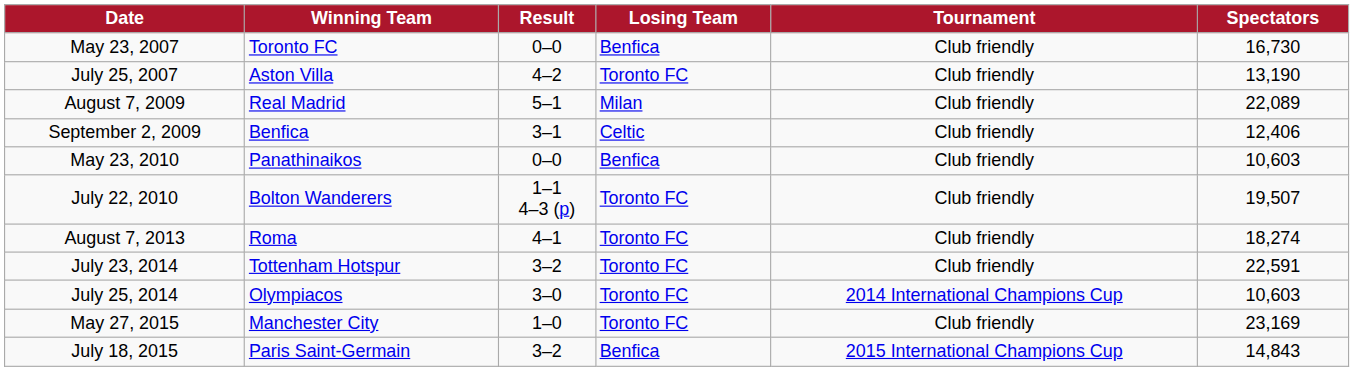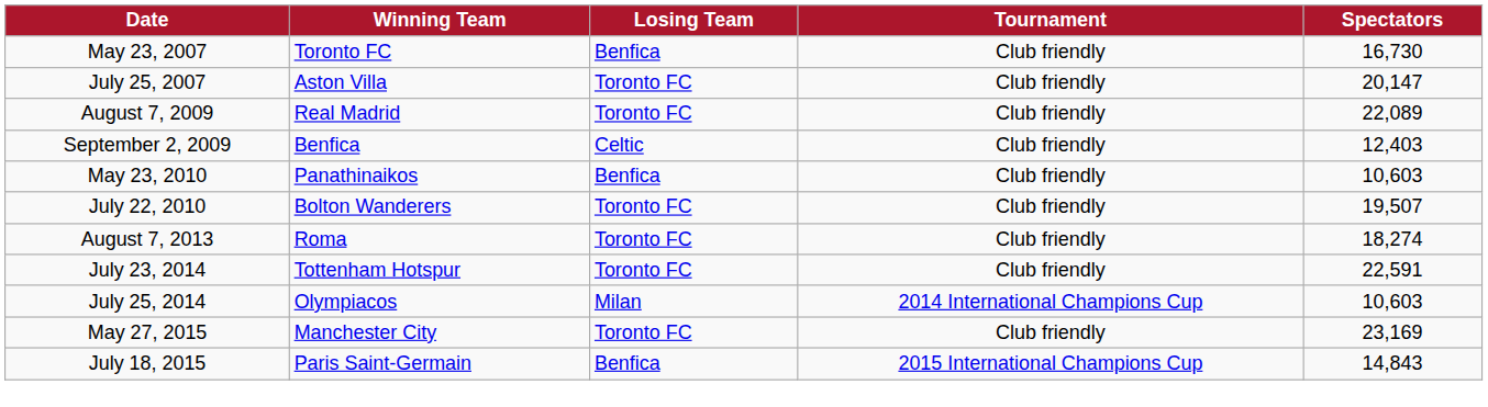 <table class="wikitable" style="text-align:left; width:95%;" style="text-align:center">
 <tr>
 <th style="text-align:center; background:#AC162C; color:#FFFFFF; ">Date</th>
 <th style="text-align:center; background:#AC162C; color:#FFFFFF; ">Winning Team</th>
-<th style="text-align:center; background:#AC162C; color:#FFFFFF; ">Result</th>
 <th style="text-align:center; background:#AC162C; color:#FFFFFF; ">Losing Team</th>
 <th style="text-align:center; background:#AC162C; color:#FFFFFF; ">Tournament</th>
 <th style="text-align:center; background:#AC162C; color:#FFFFFF; ">Spectators</th>
 </tr>
 <tr>
 <td style="text-align:center;">May 23, 2007</td>
 <td> <a href='#'>Toronto FC</a></td>
-<td style="text-align:center;">0–0</td>
 <td> <a href='#'>Benfica</a></td>
 <td style="text-align:center;">Club friendly</td>
 <td style="text-align:center;">16,730</td>
 </tr>
 <tr>
 <td style="text-align:center;">July 25, 2007</td>
 <td> <a href='#'>Aston Villa</a></td>
-<td style="text-align:center;">4–2</td>
 <td> <a href='#'>Toronto FC</a></td>
 <td style="text-align:center;">Club friendly</td>
-<td style="text-align:center;">13,190</td>
+<td style="text-align:center;">20,147</td>
 </tr>
 <tr>
 <td style="text-align:center;">August 7, 2009</td>
 <td> <a href='#'>Real Madrid</a></td>
-<td style="text-align:center;">5–1</td>
-<td> <a href='#'>Milan</a></td>
+<td> <a href='#'>Toronto FC</a></td>
 <td style="text-align:center;">Club friendly</td>
 <td style="text-align:center;">22,089</td>
 </tr>
 <tr>
 <td style="text-align:center;">September 2, 2009</td>
 <td> <a href='#'>Benfica</a></td>
-<td style="text-align:center;">3–1</td>
 <td> <a href='#'>Celtic</a></td>
 <td style="text-align:center;">Club friendly</td>
-<td style="text-align:center;">12,406</td>
+<td style="text-align:center;">12,403</td>
 </tr>
 <tr>
 <td style="text-align:center;">May 23, 2010</td>
 <td> <a href='#'>Panathinaikos</a></td>
-<td style="text-align:center;">0–0</td>
 <td> <a href='#'>Benfica</a></td>
 <td style="text-align:center;">Club friendly</td>
 <td style="text-align:center;">10,603</td>
 </tr>
 <tr>
 <td style="text-align:center;">July 22, 2010</td>
 <td> <a href='#'>Bolton Wanderers</a></td>
-<td style="text-align:center;">1–1 <br>4–3 (<a href='#'>p</a>)</td>
 <td> <a href='#'>Toronto FC</a></td>
 <td style="text-align:center;">Club friendly</td>
 <td style="text-align:center;">19,507</td>
 </tr>
 <tr>
 <td style="text-align:center;">August 7, 2013</td>
 <td> <a href='#'>Roma</a></td>
-<td style="text-align:center;">4–1</td>
 <td> <a href='#'>Toronto FC</a></td>
 <td style="text-align:center;">Club friendly</td>
 <td style="text-align:center;">18,274</td>
 </tr>
 <tr>
 <td style="text-align:center;">July 23, 2014</td>
 <td> <a href='#'>Tottenham Hotspur</a></td>
-<td style="text-align:center;">3–2</td>
 <td> <a href='#'>Toronto FC</a></td>
 <td style="text-align:center;">Club friendly</td>
 <td style="text-align:center;">22,591</td>
 </tr>
 <tr>
 <td style="text-align:center;">July 25, 2014</td>
 <td> <a href='#'>Olympiacos</a></td>
-<td style="text-align:center;">3–0</td>
-<td> <a href='#'>Toronto FC</a></td>
+<td> <a href='#'>Milan</a></td>
 <td style="text-align:center;"><a href='#'>2014 International Champions Cup</a></td>
 <td style="text-align:center;">10,603</td>
 </tr>
 <tr>
 <td style="text-align:center;">May 27, 2015</td>
 <td> <a href='#'>Manchester City</a></td>
-<td style="text-align:center;">1–0</td>
 <td> <a href='#'>Toronto FC</a></td>
 <td style="text-align:center;">Club friendly</td>
 <td style="text-align:center;">23,169</td>
 </tr>
 <tr>
 <td style="text-align:center;">July 18, 2015</td>
 <td> <a href='#'>Paris Saint-Germain</a></td>
-<td style="text-align:center;">3–2</td>
 <td> <a href='#'>Benfica</a></td>
 <td style="text-align:center;"><a href='#'>2015 International Champions Cup</a></td>
 <td style="text-align:center;">14,843</td>
 </tr>
 </table>
